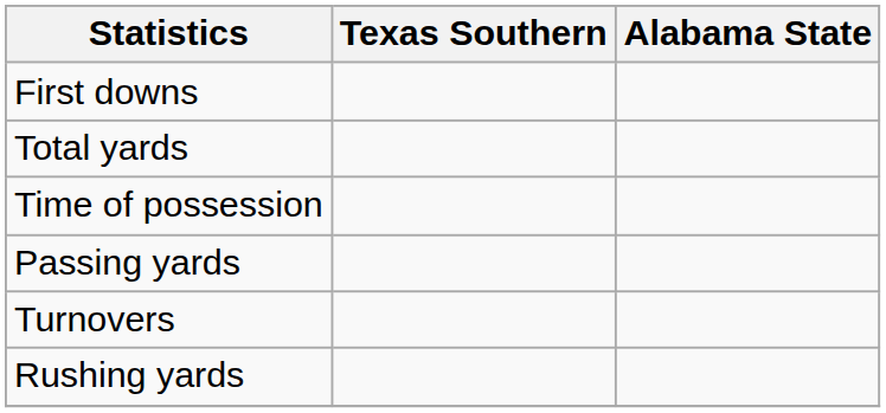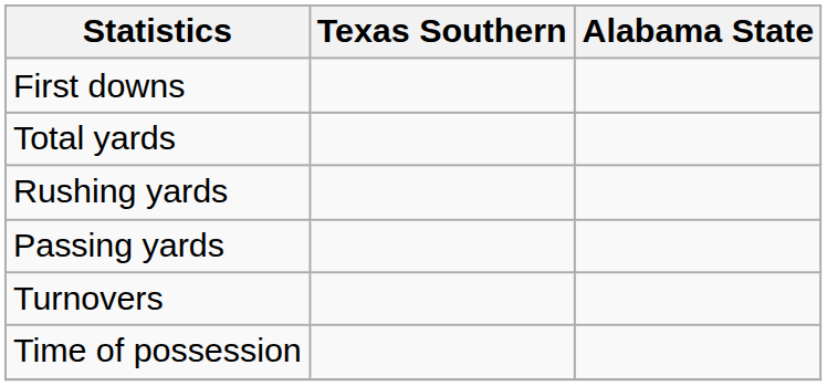 <table class="wikitable">
 <tr>
 <th>Statistics</th>
 <th>Texas Southern</th>
 <th>Alabama State</th>
 </tr>
 <tr>
 <td>First downs</td>
 <td> </td>
 <td> </td>
 </tr>
 <tr>
 <td>Total yards</td>
 <td> </td>
 <td> </td>
 </tr>
 <tr>
-<td>Time of possession</td>
+<td>Rushing yards</td>
 <td> </td>
 <td> </td>
 </tr>
 <tr>
 <td>Passing yards</td>
 <td> </td>
 <td> </td>
 </tr>
 <tr>
 <td>Turnovers</td>
 <td> </td>
 <td> </td>
 </tr>
 <tr>
-<td>Rushing yards</td>
+<td>Time of possession</td>
 <td> </td>
 <td> </td>
 </tr>
 <tr>
 </tr>
 </table>
